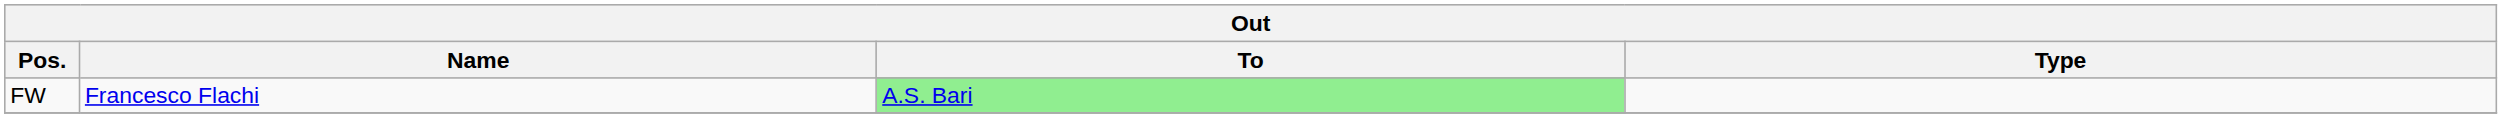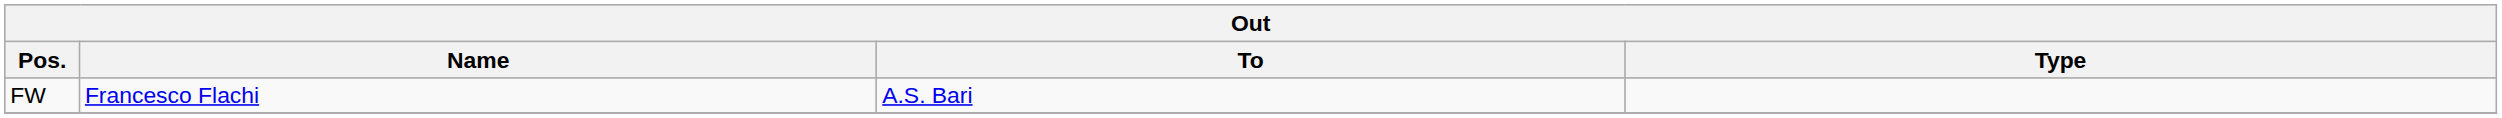 <table class="wikitable" style="font-size:90%;width:99%;">
 <tr>
 <th colspan="4">Out</th>
 </tr>
 <tr>
 <th width=3%>Pos.</th>
 <th width=32%>Name</th>
 <th width=30%>To</th>
 <th width=35%>Type</th>
 </tr>
 <tr>
 <td>FW</td>
 <td><a href='#'>Francesco Flachi</a></td>
-<td style="background: lightgreen;"><a href='#'>A.S. Bari</a></td>
+<td><a href='#'>A.S. Bari</a></td>
 <td></td>
 </tr>
 <tr>
 </tr>
 </table>
